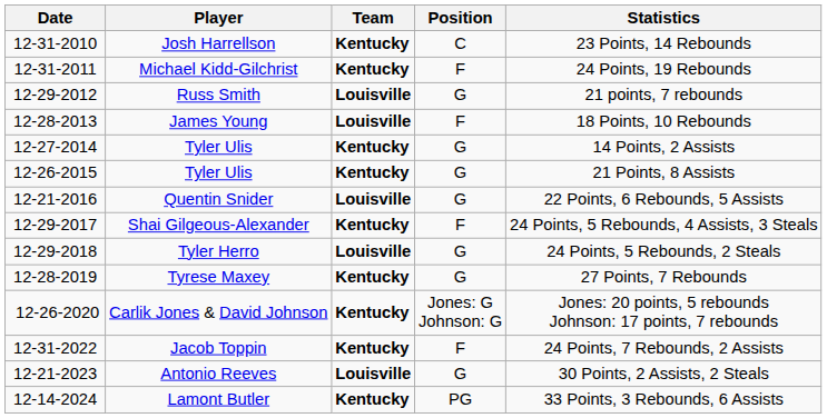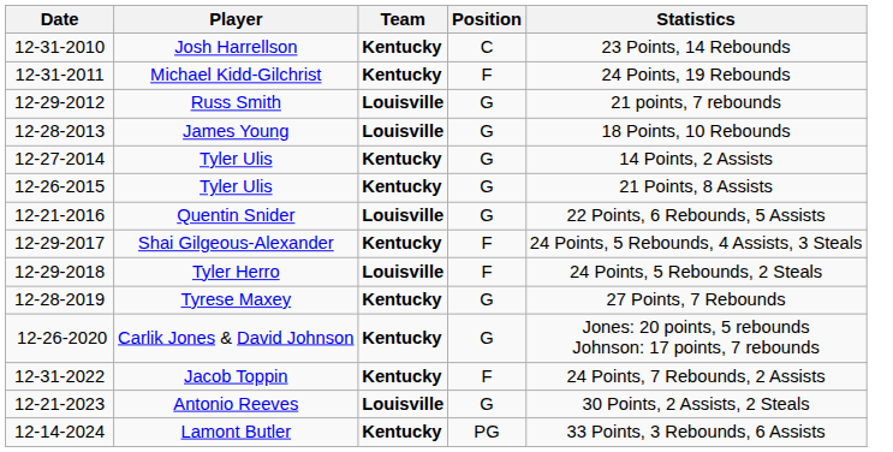 <table class="wikitable">
 <tr>
 <th>Date</th>
 <th>Player</th>
 <th>Team</th>
 <th>Position</th>
 <th>Statistics</th>
 </tr>
 <tr align=center>
 <td> 12-31-2010 </td>
 <td style="text-align:center; "><a href='#'><span>Josh Harrellson</span></a></td>
 <td align=left><strong>Kentucky</strong></td>
 <td>C</td>
 <td>23 Points, 14 Rebounds </td>
 </tr>
 <tr align=center>
 <td> 12-31-2011 </td>
 <td style="text-align:center; "><a href='#'><span>Michael Kidd-Gilchrist</span></a></td>
 <td align=left><strong>Kentucky</strong></td>
 <td>F</td>
 <td>24 Points, 19 Rebounds</td>
 </tr>
 <tr align=center>
 <td> 12-29-2012 </td>
 <td style="text-align:center; "><a href='#'><span>Russ Smith</span></a></td>
 <td align=left><strong>Louisville</strong></td>
 <td>G</td>
 <td>21 points, 7 rebounds</td>
 </tr>
 <tr align=center>
 <td> 12-28-2013 </td>
 <td style="text-align:center; "><a href='#'><span>James Young</span></a></td>
 <td align=left><strong>Louisville</strong></td>
-<td>F</td>
+<td>G</td>
 <td>18 Points, 10 Rebounds</td>
 </tr>
 <tr align=center>
 <td> 12-27-2014 </td>
 <td style="text-align:center; "><a href='#'><span>Tyler Ulis</span></a></td>
 <td align=left><strong>Kentucky</strong></td>
 <td>G</td>
 <td>14 Points, 2 Assists</td>
 </tr>
 <tr align=center>
 <td> 12-26-2015 </td>
 <td style="text-align:center; "><a href='#'><span>Tyler Ulis</span></a></td>
 <td align=left><strong>Kentucky</strong></td>
 <td>G</td>
 <td>21 Points, 8 Assists</td>
 </tr>
 <tr align=center>
 <td> 12-21-2016 </td>
 <td style="text-align:center; "><a href='#'><span>Quentin Snider</span></a></td>
 <td align=left><strong>Louisville</strong></td>
 <td>G</td>
 <td>22 Points, 6 Rebounds, 5 Assists</td>
 </tr>
 <tr align=center>
 <td> 12-29-2017 </td>
 <td style="text-align:center; "><a href='#'><span>Shai Gilgeous-Alexander</span></a></td>
 <td align=left><strong>Kentucky</strong></td>
 <td>F</td>
 <td>24 Points, 5 Rebounds, 4 Assists, 3 Steals</td>
 </tr>
 <tr align=center>
 <td> 12-29-2018 </td>
 <td style="text-align:center; "><a href='#'><span>Tyler Herro</span></a></td>
 <td align=left><strong>Louisville</strong></td>
-<td>G</td>
+<td>F</td>
 <td>24 Points, 5 Rebounds, 2 Steals</td>
 </tr>
 <tr align=center>
 <td> 12-28-2019 </td>
 <td style="text-align:center; "><a href='#'><span>Tyrese Maxey</span></a></td>
 <td align=left><strong>Kentucky</strong></td>
 <td>G</td>
 <td>27 Points, 7 Rebounds</td>
 </tr>
 <tr align=center>
 <td> 12-26-2020</td>
 <td style="text-align:center; "><a href='#'><span>Carlik Jones</span></a> & <a href='#'><span>David Johnson</span></a></td>
 <td align=left><strong>Kentucky</strong></td>
-<td>Jones: G<br>Johnson: G</td>
+<td>G</td>
 <td>Jones: 20 points, 5 rebounds<br>Johnson: 17 points, 7 rebounds</td>
 </tr>
 <tr align=center>
 <td> 12-31-2022 </td>
 <td style="text-align:center; "><a href='#'><span>Jacob Toppin</span></a></td>
 <td align=left><strong>Kentucky</strong></td>
 <td>F</td>
 <td>24 Points, 7 Rebounds, 2 Assists</td>
 </tr>
 <tr align=center>
 <td> 12-21-2023 </td>
 <td style="text-align:center; "><a href='#'><span>Antonio Reeves</span></a></td>
 <td align=left><strong>Louisville</strong></td>
 <td>G</td>
 <td>30 Points, 2 Assists, 2 Steals</td>
 </tr>
 <tr align=center>
 <td> 12-14-2024 </td>
 <td style="text-align:center; "><a href='#'><span>Lamont Butler</span></a></td>
 <td align=left><strong>Kentucky</strong></td>
 <td>PG</td>
 <td>33 Points, 3 Rebounds, 6 Assists</td>
 </tr>
 </table>
